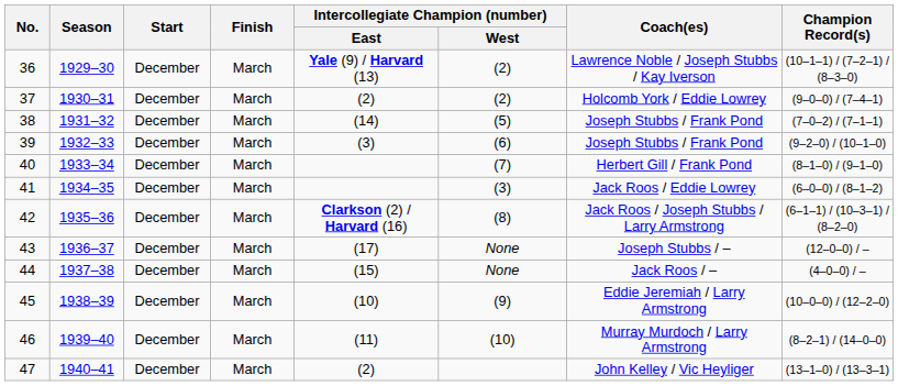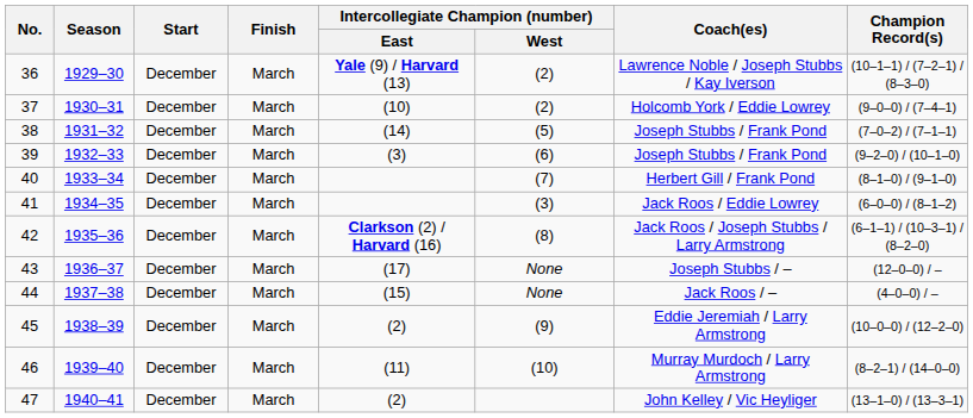 <table class="wikitable" width="80%">
 <tr>
 <th style="width:3em" rowspan=2>No.</th>
 <th style="width:5em" rowspan=2>Season</th>
 <th style="width:6em" rowspan=2>Start</th>
 <th style="width:6em" rowspan=2>Finish</th>
 <th style="width:21em" colspan=2>Intercollegiate Champion (number)</th>
 <th style="width:17em" rowspan=2>Coach(es)</th>
 <th style="width:8em" rowspan=2>Champion Record(s)</th>
 </tr>
 <tr style="text-align:center;">
 <th style="width:11em">East</th>
 <th style="width:10em">West</th>
 </tr>
 <tr style="text-align:center;">
 <td>36 </td>
 <td><a href='#'>1929–30</a></td>
 <td>December</td>
 <td>March</td>
 <td><strong><a href='#'>Yale</a></strong> (9) / <strong><a href='#'>Harvard</a></strong> (13)</td>
 <td><strong><a href='#'></a></strong> (2)</td>
 <td><a href='#'>Lawrence Noble</a> / <a href='#'>Joseph Stubbs</a> / <a href='#'>Kay Iverson</a></td>
 <td><small>(10–1–1) / (7–2–1) / (8–3–0)</small></td>
 </tr>
 <tr style="text-align:center;">
 <td>37</td>
 <td><a href='#'>1930–31</a></td>
 <td>December</td>
 <td>March</td>
-<td><strong><a href='#'></a></strong> (2)</td>
+<td><strong><a href='#'></a></strong> (10)</td>
 <td><strong><a href='#'></a></strong> (2)</td>
 <td><a href='#'>Holcomb York</a> / <a href='#'>Eddie Lowrey</a></td>
 <td><small>(9–0–0) / (7–4–1) </small></td>
 </tr>
 <tr style="text-align:center;">
 <td>38 </td>
 <td><a href='#'>1931–32</a></td>
 <td>December</td>
 <td>March</td>
 <td><strong><a href='#'></a></strong> (14)</td>
 <td><strong><a href='#'></a></strong> (5)</td>
 <td><a href='#'>Joseph Stubbs</a> / <a href='#'>Frank Pond</a></td>
 <td><small>(7–0–2) / (7–1–1) </small></td>
 </tr>
 <tr style="text-align:center;">
 <td>39</td>
 <td><a href='#'>1932–33</a></td>
 <td>December</td>
 <td>March</td>
 <td><strong><a href='#'></a></strong> (3)</td>
 <td><strong><a href='#'></a></strong> (6)</td>
 <td><a href='#'>Joseph Stubbs</a> / <a href='#'>Frank Pond</a></td>
 <td><small>(9–2–0) / (10–1–0) </small></td>
 </tr>
 <tr style="text-align:center;">
 <td>40</td>
 <td><a href='#'>1933–34</a></td>
 <td>December</td>
 <td>March</td>
 <td><strong><a href='#'></a></strong></td>
 <td><strong><a href='#'></a></strong> (7)</td>
 <td><a href='#'>Herbert Gill</a> / <a href='#'>Frank Pond</a></td>
 <td><small>(8–1–0) / (9–1–0) </small></td>
 </tr>
 <tr style="text-align:center;">
 <td>41</td>
 <td><a href='#'>1934–35</a></td>
 <td>December</td>
 <td>March</td>
 <td><strong><a href='#'></a></strong></td>
 <td><strong><a href='#'></a></strong> (3)</td>
 <td><a href='#'>Jack Roos</a> / <a href='#'>Eddie Lowrey</a></td>
 <td><small>(6–0–0) / (8–1–2) </small></td>
 </tr>
 <tr style="text-align:center;">
 <td>42</td>
 <td><a href='#'>1935–36</a></td>
 <td>December</td>
 <td>March</td>
 <td><strong><a href='#'>Clarkson</a></strong> (2) / <strong><a href='#'>Harvard</a></strong> (16)</td>
 <td><strong><a href='#'></a></strong> (8)</td>
 <td><a href='#'>Jack Roos</a> / <a href='#'>Joseph Stubbs</a> / <a href='#'>Larry Armstrong</a></td>
 <td><small>(6–1–1) / (10–3–1) / (8–2–0) </small></td>
 </tr>
 <tr style="text-align:center;">
 <td>43</td>
 <td><a href='#'>1936–37</a></td>
 <td>December</td>
 <td>March</td>
 <td><strong><a href='#'></a></strong> (17)</td>
 <td><em>None</em> </td>
 <td><a href='#'>Joseph Stubbs</a> / –</td>
 <td><small>(12–0–0) / – </small></td>
 </tr>
 <tr style="text-align:center;">
 <td>44</td>
 <td><a href='#'>1937–38</a></td>
 <td>December</td>
 <td>March</td>
 <td><strong><a href='#'></a></strong> (15)</td>
 <td><em>None</em> </td>
 <td><a href='#'>Jack Roos</a> / –</td>
 <td><small>(4–0–0) / – </small></td>
 </tr>
 <tr style="text-align:center;">
 <td>45</td>
 <td><a href='#'>1938–39</a></td>
 <td>December</td>
 <td>March</td>
-<td><strong><a href='#'></a></strong> (10)</td>
+<td><strong><a href='#'></a></strong> (2)</td>
 <td><strong><a href='#'></a></strong> (9)</td>
 <td><a href='#'>Eddie Jeremiah</a> / <a href='#'>Larry Armstrong</a></td>
 <td><small>(10–0–0) / (12–2–0) </small></td>
 </tr>
 <tr style="text-align:center;">
 <td>46 </td>
 <td><a href='#'>1939–40</a></td>
 <td>December</td>
 <td>March</td>
 <td><strong><a href='#'></a></strong> (11)</td>
 <td><strong><a href='#'></a></strong> (10)</td>
 <td><a href='#'>Murray Murdoch</a> / <a href='#'>Larry Armstrong</a></td>
 <td><small>(8–2–1) / (14–0–0) </small></td>
 </tr>
 <tr style="text-align:center;">
 <td>47</td>
 <td><a href='#'>1940–41</a></td>
 <td>December</td>
 <td>March</td>
 <td><strong><a href='#'></a></strong> (2)</td>
 <td><strong><a href='#'></a></strong></td>
 <td><a href='#'>John Kelley</a> / <a href='#'>Vic Heyliger</a></td>
 <td><small>(13–1–0) / (13–3–1) </small></td>
 </tr>
 </table>
